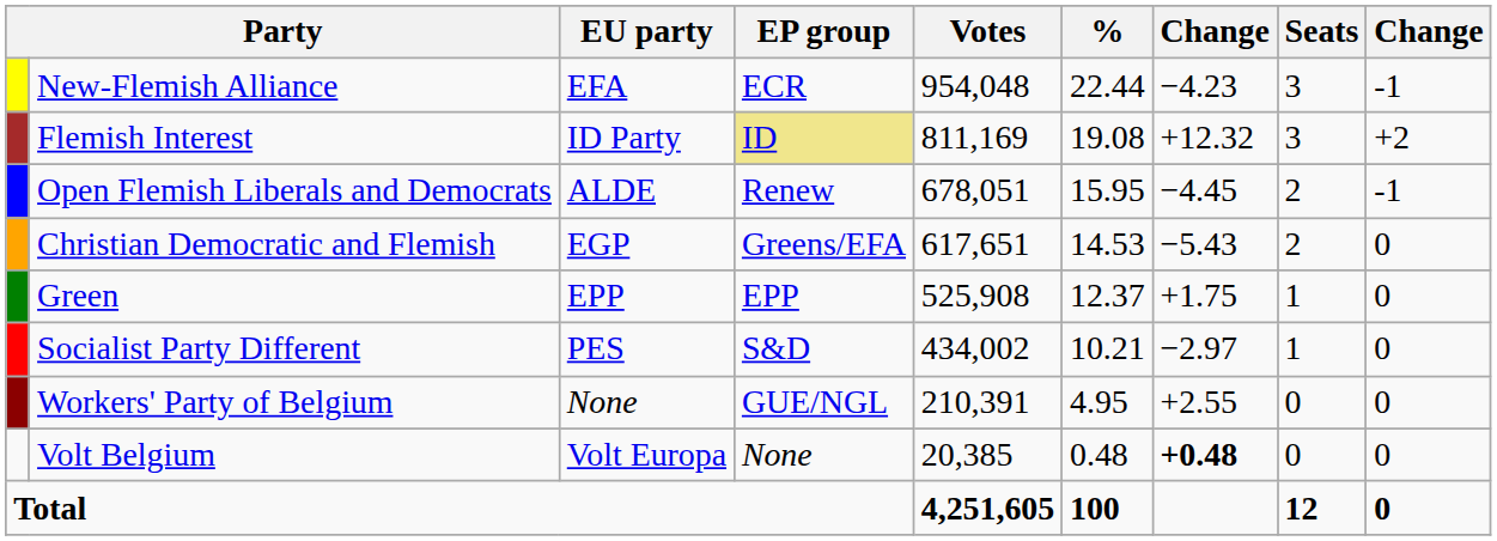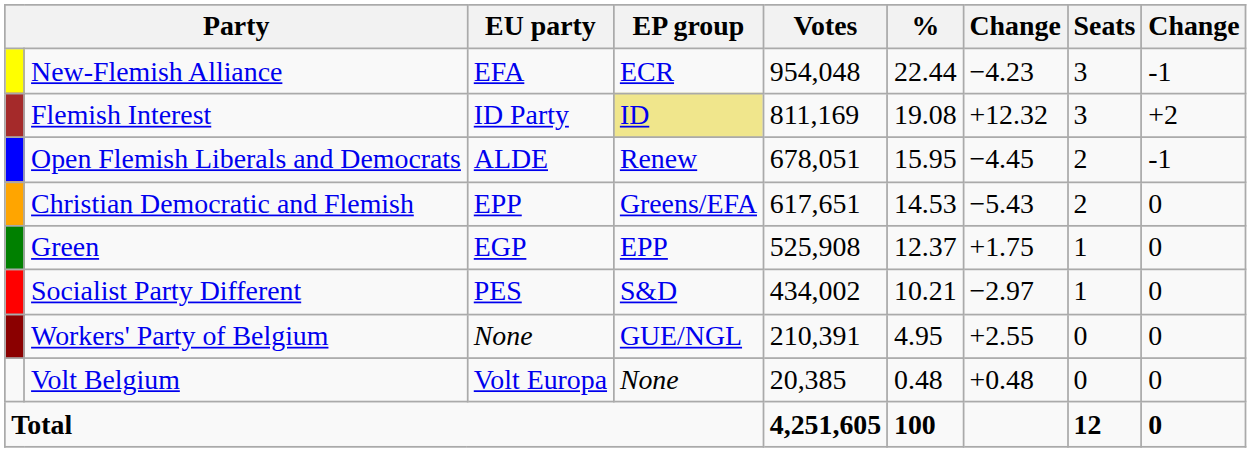 <table class="wikitable">
 <tr>
 <th colspan="2">Party</th>
 <th>EU party</th>
 <th>EP group</th>
 <th>Votes</th>
 <th>%</th>
 <th>Change</th>
 <th>Seats</th>
 <th>Change</th>
 </tr>
 <tr>
 <td style="background-color:yellow"> </td>
 <td><a href='#'>New-Flemish Alliance</a></td>
 <td><a href='#'>EFA</a></td>
 <td><a href='#'>ECR</a></td>
 <td>954,048</td>
 <td>22.44</td>
 <td>−4.23</td>
 <td>3</td>
 <td>-1</td>
 </tr>
 <tr>
 <td style="background-color:brown"> </td>
 <td><a href='#'>Flemish Interest</a></td>
 <td><a href='#'>ID Party</a></td>
 <td style="background: khaki;"><a href='#'>ID</a></td>
 <td>811,169</td>
 <td>19.08</td>
 <td>+12.32</td>
 <td>3</td>
 <td>+2</td>
 </tr>
 <tr>
 <td style="background-color:blue"> </td>
 <td><a href='#'>Open Flemish Liberals and Democrats</a></td>
 <td><a href='#'>ALDE</a></td>
 <td><a href='#'>Renew</a></td>
 <td>678,051</td>
 <td>15.95</td>
 <td>−4.45</td>
 <td>2</td>
 <td>-1</td>
 </tr>
 <tr>
 <td style="background-color:orange"> </td>
 <td><a href='#'>Christian Democratic and Flemish</a></td>
-<td><a href='#'>EGP</a></td>
+<td><a href='#'>EPP</a></td>
 <td><a href='#'>Greens/EFA</a></td>
 <td>617,651</td>
 <td>14.53</td>
 <td>−5.43</td>
 <td>2</td>
 <td>0</td>
 </tr>
 <tr>
 <td style="background-color:green"> </td>
 <td><a href='#'>Green</a></td>
-<td><a href='#'>EPP</a></td>
+<td><a href='#'>EGP</a></td>
 <td><a href='#'>EPP</a></td>
 <td>525,908</td>
 <td>12.37</td>
 <td>+1.75</td>
 <td>1</td>
 <td>0</td>
 </tr>
 <tr>
 <td style="background-color:red"> </td>
 <td><a href='#'>Socialist Party Different</a></td>
 <td><a href='#'>PES</a></td>
 <td><a href='#'>S&D</a></td>
 <td>434,002</td>
 <td>10.21</td>
 <td>−2.97</td>
 <td>1</td>
 <td>0</td>
 </tr>
 <tr>
 <td style="background-color:darkred"> </td>
 <td><a href='#'>Workers' Party of Belgium</a></td>
 <td><em>None</em></td>
 <td><a href='#'>GUE/NGL</a></td>
 <td>210,391</td>
 <td>4.95</td>
 <td>+2.55</td>
 <td>0</td>
 <td>0</td>
 </tr>
 <tr>
 <td style="background-color:"> </td>
 <td><a href='#'>Volt Belgium</a></td>
 <td><a href='#'>Volt Europa</a></td>
 <td><em>None</em></td>
 <td>20,385</td>
 <td>0.48</td>
-<td><strong>+0.48</strong></td>
+<td>+0.48</td>
 <td>0</td>
 <td>0</td>
 </tr>
 <tr>
 <td colspan="4"><strong>Total</strong></td>
 <td><strong>4,251,605</strong></td>
 <td><strong>100</strong></td>
 <td></td>
 <td><strong>12</strong></td>
 <td><strong>0</strong></td>
 </tr>
 </table>
